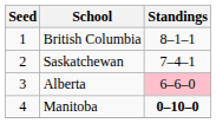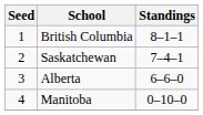 <table class="wikitable">
 <tr>
 <th>Seed</th>
 <th>School</th>
 <th>Standings</th>
 </tr>
 <tr>
 <td style="text-align:center">1</td>
 <td>British Columbia</td>
 <td style="text-align:center">8–1–1</td>
 </tr>
 <tr>
 <td style="text-align:center">2</td>
 <td>Saskatchewan</td>
 <td style="text-align:center">7–4–1</td>
 </tr>
 <tr>
 <td style="text-align:center">3</td>
 <td>Alberta</td>
-<td style="background: pink; text-align:center">6–6–0</td>
+<td style="text-align:center">6–6–0</td>
 </tr>
 <tr>
 <td style="text-align:center">4</td>
 <td>Manitoba</td>
-<td style="text-align:center"><strong>0–10–0</strong></td>
+<td style="text-align:center">0–10–0</td>
 </tr>
 <tr>
 </tr>
 </table>
